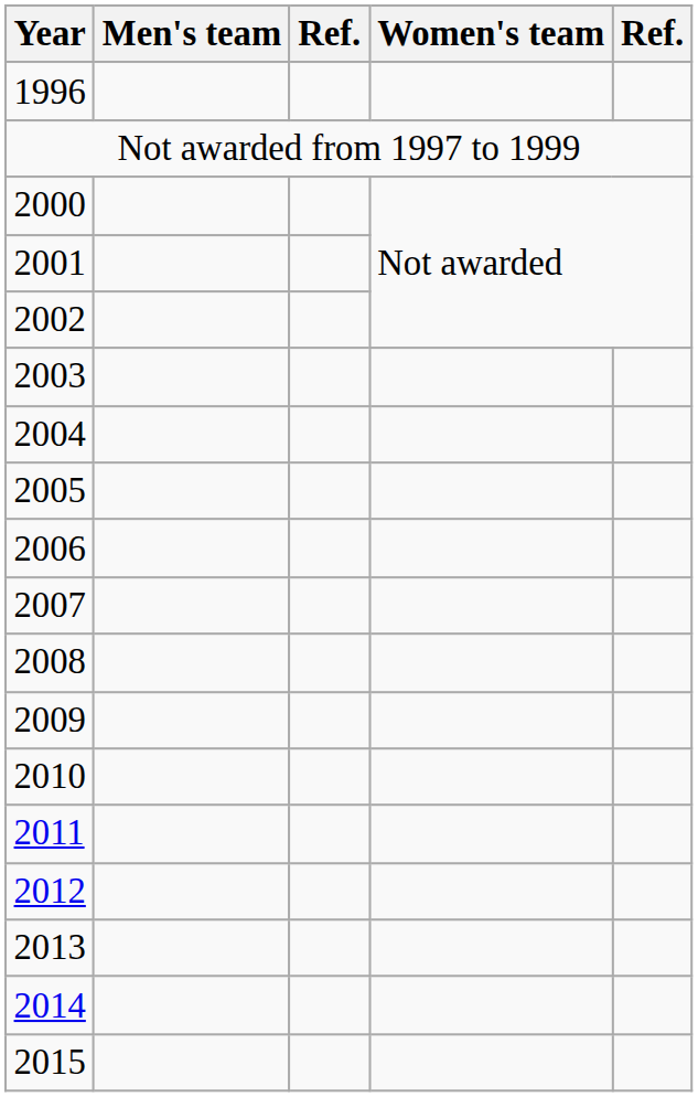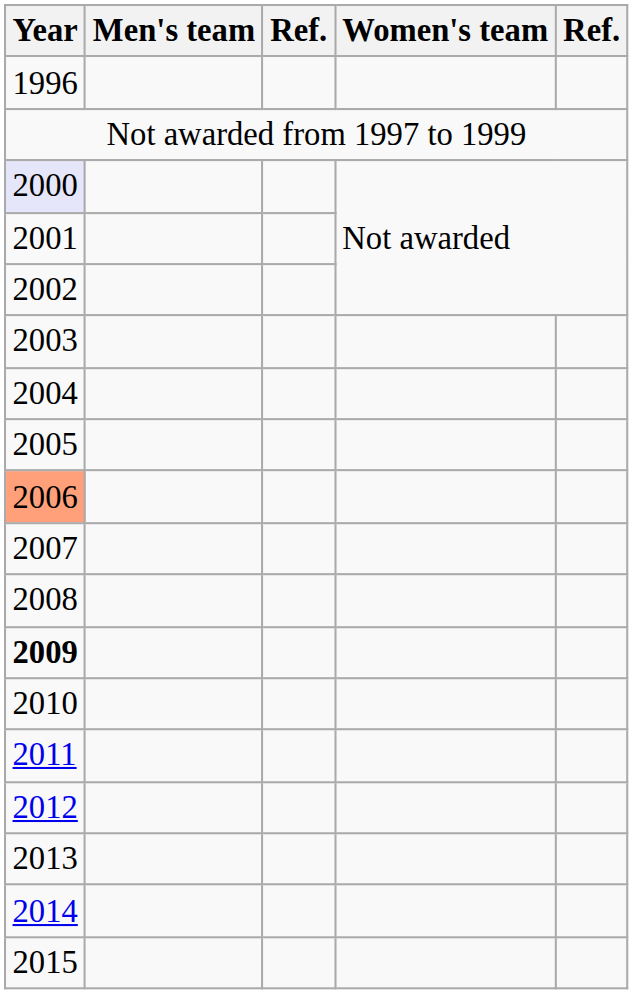 <table class="wikitable">
 <tr>
 <th>Year</th>
 <th>Men's team</th>
 <th>Ref.</th>
 <th>Women's team</th>
 <th>Ref.</th>
 </tr>
 <tr>
 <td>1996</td>
 <td></td>
 <td></td>
 <td></td>
 <td></td>
 </tr>
 <tr>
 <td align="center" colspan="5">Not awarded from 1997 to 1999</td>
 </tr>
 <tr>
-<td>2000</td>
+<td style="background: lavender;">2000</td>
 <td></td>
 <td></td>
 <td colspan="2" rowspan="3">Not awarded</td>
 </tr>
 <tr>
 <td>2001</td>
 <td></td>
 <td></td>
 </tr>
 <tr>
 <td>2002</td>
 <td></td>
 <td></td>
 </tr>
 <tr>
 <td>2003</td>
 <td></td>
 <td></td>
 <td></td>
 <td></td>
 </tr>
 <tr>
 <td>2004</td>
 <td></td>
 <td></td>
 <td></td>
 <td></td>
 </tr>
 <tr>
 <td>2005</td>
 <td></td>
 <td></td>
 <td></td>
 <td></td>
 </tr>
 <tr>
-<td>2006</td>
+<td style="background: lightsalmon;">2006</td>
 <td></td>
 <td></td>
 <td></td>
 <td></td>
 </tr>
 <tr>
 <td>2007</td>
 <td></td>
 <td></td>
 <td></td>
 <td></td>
 </tr>
 <tr>
 <td>2008</td>
 <td></td>
 <td></td>
 <td></td>
 <td></td>
 </tr>
 <tr>
-<td>2009</td>
+<td><strong>2009</strong></td>
 <td></td>
 <td></td>
 <td></td>
 <td></td>
 </tr>
 <tr>
 <td>2010</td>
 <td></td>
 <td></td>
 <td></td>
 <td></td>
 </tr>
 <tr>
 <td><a href='#'>2011</a></td>
 <td></td>
 <td></td>
 <td></td>
 <td></td>
 </tr>
 <tr>
 <td><a href='#'>2012</a></td>
 <td></td>
 <td></td>
 <td></td>
 <td></td>
 </tr>
 <tr>
 <td>2013</td>
 <td></td>
 <td></td>
 <td></td>
 <td></td>
 </tr>
 <tr>
 <td><a href='#'>2014</a></td>
 <td></td>
 <td></td>
 <td></td>
 <td></td>
 </tr>
 <tr>
 <td>2015</td>
 <td></td>
 <td></td>
 <td></td>
 <td></td>
 </tr>
 </table>
